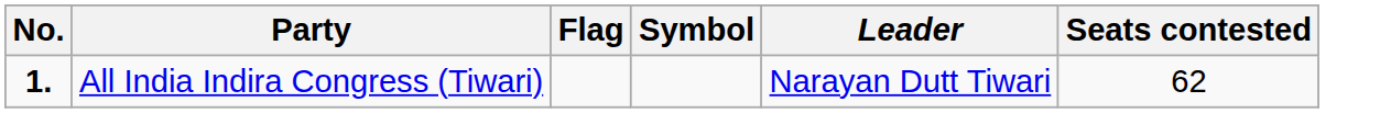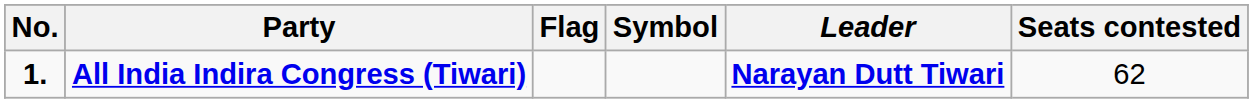 <table class="wikitable">
 <tr>
 <th>No.</th>
 <th>Party</th>
 <th><strong>Flag</strong></th>
 <th>Symbol</th>
 <th><em>Leader</em></th>
 <th>Seats contested</th>
 </tr>
 <tr>
 <td ! style="text-align:center; background:"><strong>1.</strong></td>
-<td style="text-align:center"><a href='#'>All India Indira Congress (Tiwari)</a></td>
+<td style="text-align:center"><strong><a href='#'>All India Indira Congress (Tiwari)</a></strong></td>
 <td></td>
 <td></td>
-<td style="text-align:center"><a href='#'>Narayan Dutt Tiwari</a></td>
+<td style="text-align:center"><strong><a href='#'>Narayan Dutt Tiwari</a></strong></td>
 <td style="text-align:center">62</td>
 </tr>
 </table>
